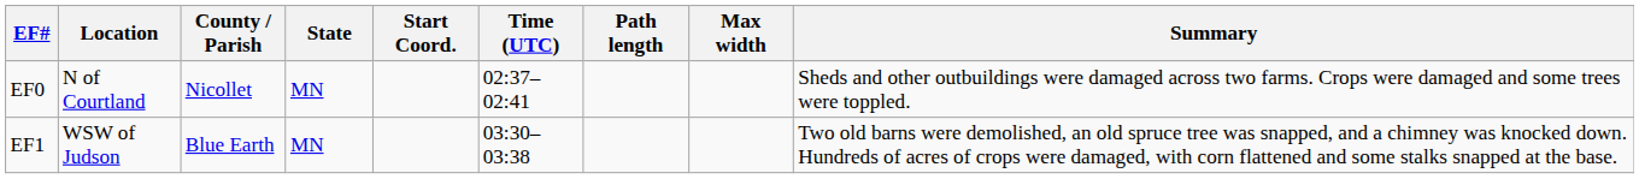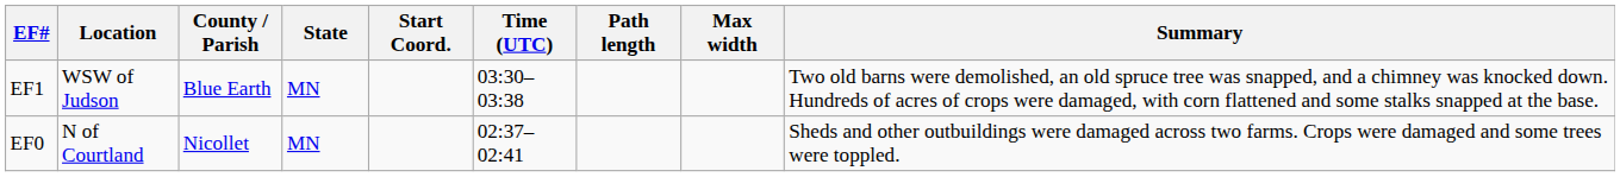 <table class="wikitable sortable" style="width:100%;">
 <tr>
 <th scope="col"  style="width:3%; text-align:center;"><a href='#'>EF#</a></th>
 <th scope="col"  style="width:7%; text-align:center;" class="unsortable">Location</th>
 <th scope="col"  style="width:6%; text-align:center;" class="unsortable">County / Parish</th>
 <th scope="col"  style="width:5%; text-align:center;">State</th>
 <th scope="col"  style="width:6%; text-align:center;">Start Coord.</th>
 <th scope="col"  style="width:6%; text-align:center;">Time (<a href='#'>UTC</a>)</th>
 <th scope="col"  style="width:6%; text-align:center;">Path length</th>
 <th scope="col"  style="width:6%; text-align:center;">Max width</th>
 <th scope="col" class="unsortable" style="width:48%; text-align:center;">Summary</th>
 </tr>
 <tr>
+<td>EF1</td>
+<td>WSW of <a href='#'>Judson</a></td>
+<td><a href='#'>Blue Earth</a></td>
+<td><a href='#'>MN</a></td>
+<td></td>
+<td>03:30–03:38</td>
+<td></td>
+<td></td>
+<td>Two old barns were demolished, an old spruce tree was snapped, and a chimney was knocked down. Hundreds of acres of crops were damaged, with corn flattened and some stalks snapped at the base.</td>
+</tr>
+<tr>
 <td>EF0</td>
 <td>N of <a href='#'>Courtland</a></td>
 <td><a href='#'>Nicollet</a></td>
 <td><a href='#'>MN</a></td>
 <td></td>
 <td>02:37–02:41</td>
 <td></td>
 <td></td>
 <td>Sheds and other outbuildings were damaged across two farms. Crops were damaged and some trees were toppled.</td>
 </tr>
-<tr>
-<td>EF1</td>
-<td>WSW of <a href='#'>Judson</a></td>
-<td><a href='#'>Blue Earth</a></td>
-<td><a href='#'>MN</a></td>
-<td></td>
-<td>03:30–03:38</td>
-<td></td>
-<td></td>
-<td>Two old barns were demolished, an old spruce tree was snapped, and a chimney was knocked down. Hundreds of acres of crops were damaged, with corn flattened and some stalks snapped at the base.</td>
-</tr>
 </table>
